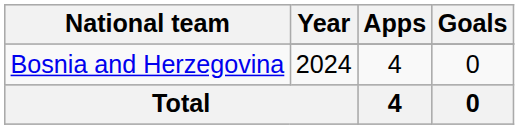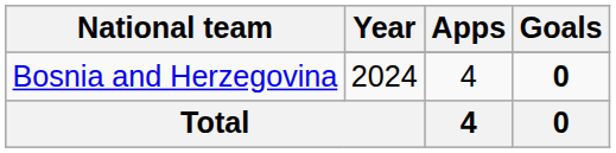 <table class="wikitable" style="text-align:center">
 <tr>
 <th>National team</th>
 <th>Year</th>
 <th>Apps</th>
 <th>Goals</th>
 </tr>
 <tr>
 <td rowspan=2><a href='#'>Bosnia and Herzegovina</a></td>
 </tr>
 <tr>
 <td>2024</td>
 <td>4</td>
-<td>0</td>
+<td><strong>0</strong></td>
 </tr>
 <tr>
 <th colspan=2>Total</th>
 <th>4</th>
 <th>0</th>
 </tr>
 </table>
